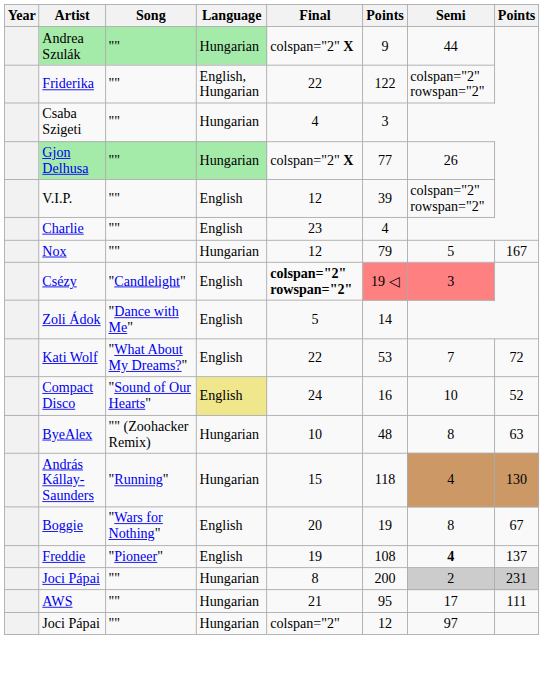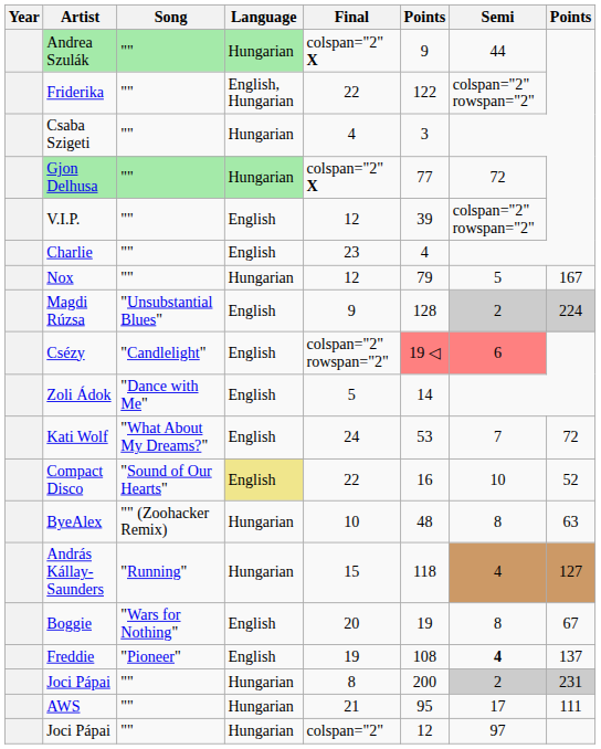 <table class="wikitable sortable plainrowheaders">
 <tr>
 <th scope="col">Year</th>
 <th scope="col">Artist</th>
 <th scope="col">Song</th>
 <th scope="col">Language</th>
 <th scope="col" data-sort-type="number">Final</th>
 <th scope="col" data-sort-type="number">Points</th>
 <th scope="col" data-sort-type="number">Semi</th>
 <th scope="col" data-sort-type="number">Points</th>
 </tr>
 <tr>
 <th scope="row" style="text-align:center;"></th>
 <td style="background-color:#A4EAA9;">Andrea Szulák</td>
 <td style="background-color:#A4EAA9;">""</td>
 <td style="background-color:#A4EAA9;">Hungarian</td>
 <td>colspan="2"  <strong>X</strong></td>
 <td style="text-align:center;">9</td>
 <td style="text-align:center;">44</td>
 </tr>
 <tr>
 <th scope="row" style="text-align:center;"></th>
 <td><a href='#'>Friderika</a></td>
 <td>""</td>
 <td>English, Hungarian</td>
 <td style="text-align:center;">22</td>
 <td style="text-align:center;">122</td>
 <td>colspan="2" rowspan="2" </td>
 </tr>
 <tr>
 <th scope="row" style="text-align:center;"></th>
 <td>Csaba Szigeti</td>
 <td>""</td>
 <td>Hungarian</td>
 <td style="text-align:center;">4</td>
 <td style="text-align:center;">3</td>
 </tr>
 <tr>
 <th scope="row" style="text-align:center;"></th>
 <td style="background-color:#A4EAA9;"><a href='#'>Gjon Delhusa</a></td>
 <td style="background-color:#A4EAA9;">""</td>
 <td style="background-color:#A4EAA9;">Hungarian</td>
 <td>colspan="2"  <strong>X</strong></td>
 <td style="text-align:center;">77</td>
-<td style="text-align:center;">26</td>
+<td style="text-align:center;">72</td>
 </tr>
 <tr>
 <th scope="row" style="text-align:center;"></th>
 <td>V.I.P.</td>
 <td>""</td>
 <td>English</td>
 <td style="text-align:center;">12</td>
 <td style="text-align:center;">39</td>
 <td>colspan="2" rowspan="2" </td>
 </tr>
 <tr>
 <th scope="row" style="text-align:center;"></th>
 <td><a href='#'>Charlie</a></td>
 <td>""</td>
 <td>English</td>
 <td style="text-align:center;">23</td>
 <td style="text-align:center;">4</td>
 </tr>
 <tr>
 <th scope="row" style="text-align:center;"></th>
 <td><a href='#'>Nox</a></td>
 <td>""</td>
 <td>Hungarian</td>
 <td style="text-align:center;">12</td>
 <td style="text-align:center;">79</td>
 <td style="text-align:center;">5</td>
 <td style="text-align:center;">167</td>
 </tr>
 <tr>
 <th scope="row" style="text-align:center;"></th>
+<td><a href='#'>Magdi Rúzsa</a></td>
+<td>"<a href='#'>Unsubstantial Blues</a>"</td>
+<td>English</td>
+<td style="text-align:center;">9</td>
+<td style="text-align:center;">128</td>
+<td style="text-align:center; background-color:#CCC;">2</td>
+<td style="text-align:center; background-color:#CCC;">224</td>
+</tr>
+<tr>
+<th scope="row" style="text-align:center;"></th>
 <td><a href='#'>Csézy</a></td>
 <td>"<a href='#'>Candlelight</a>"</td>
 <td>English</td>
-<td><strong>colspan="2" rowspan="2" </strong></td>
+<td>colspan="2" rowspan="2" </td>
 <td style="text-align:center; background-color:#FE8080;">19 ◁</td>
-<td style="text-align:center; background-color:#FE8080;">3</td>
+<td style="text-align:center; background-color:#FE8080;">6</td>
 </tr>
 <tr>
 <th scope="row" style="text-align:center;"></th>
 <td><a href='#'>Zoli Ádok</a></td>
 <td>"<a href='#'>Dance with Me</a>"</td>
 <td>English</td>
 <td style="text-align:center;">5</td>
 <td style="text-align:center;">14</td>
 </tr>
 <tr>
 <th scope="row" style="text-align:center;"></th>
 <td><a href='#'>Kati Wolf</a></td>
 <td>"<a href='#'>What About My Dreams?</a>"</td>
 <td>English</td>
-<td style="text-align:center;">22</td>
+<td style="text-align:center;">24</td>
 <td style="text-align:center;">53</td>
 <td style="text-align:center;">7</td>
 <td style="text-align:center;">72</td>
 </tr>
 <tr>
 <th scope="row" style="text-align:center;"></th>
 <td><a href='#'>Compact Disco</a></td>
 <td>"<a href='#'>Sound of Our Hearts</a>"</td>
 <td style="background: khaki;">English</td>
-<td style="text-align:center;">24</td>
+<td style="text-align:center;">22</td>
 <td style="text-align:center;">16</td>
 <td style="text-align:center;">10</td>
 <td style="text-align:center;">52</td>
 </tr>
 <tr>
 <th scope="row" style="text-align:center;"></th>
 <td><a href='#'>ByeAlex</a></td>
 <td>"" (Zoohacker Remix)</td>
 <td>Hungarian</td>
 <td style="text-align:center;">10</td>
 <td style="text-align:center;">48</td>
 <td style="text-align:center;">8</td>
 <td style="text-align:center;">63</td>
 </tr>
 <tr>
 <th scope="row" style="text-align:center;"></th>
 <td><a href='#'>András Kállay-Saunders</a></td>
 <td>"<a href='#'>Running</a>"</td>
 <td>Hungarian</td>
 <td style="text-align:center;">15</td>
 <td style="text-align:center;">118</td>
 <td style="text-align:center; background-color:#C96;">4</td>
-<td style="text-align:center; background-color:#C96;">130</td>
+<td style="text-align:center; background-color:#C96;">127</td>
 </tr>
 <tr>
 <th scope="row" style="text-align:center;"></th>
 <td><a href='#'>Boggie</a></td>
 <td>"<a href='#'>Wars for Nothing</a>"</td>
 <td>English</td>
 <td style="text-align:center;">20</td>
 <td style="text-align:center;">19</td>
 <td style="text-align:center;">8</td>
 <td style="text-align:center;">67</td>
 </tr>
 <tr>
 <th scope="row" style="text-align:center;"></th>
 <td><a href='#'>Freddie</a></td>
 <td>"<a href='#'>Pioneer</a>"</td>
 <td>English</td>
 <td style="text-align:center;">19</td>
 <td style="text-align:center;">108</td>
 <td style="text-align:center;"><strong>4</strong></td>
 <td style="text-align:center;">137</td>
 </tr>
 <tr>
 <th scope="row" style="text-align:center;"></th>
 <td><a href='#'>Joci Pápai</a></td>
 <td>""</td>
 <td>Hungarian</td>
 <td style="text-align:center;">8</td>
 <td style="text-align:center;">200</td>
 <td style="text-align:center; background-color:#CCC;">2</td>
 <td style="text-align:center; background-color:#CCC;">231</td>
 </tr>
 <tr>
 <th scope="row" style="text-align:center;"></th>
 <td><a href='#'>AWS</a></td>
 <td>""</td>
 <td>Hungarian</td>
 <td style="text-align:center;">21</td>
 <td style="text-align:center;">95</td>
 <td style="text-align:center;">17</td>
 <td style="text-align:center;">111</td>
 </tr>
 <tr>
 <th scope="row" style="text-align:center;"></th>
 <td>Joci Pápai</td>
 <td>""</td>
 <td>Hungarian</td>
 <td>colspan="2" </td>
 <td style="text-align:center;">12</td>
 <td style="text-align:center;">97</td>
 </tr>
 </table>
